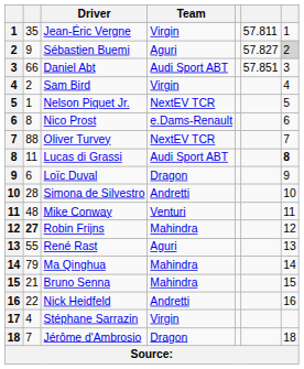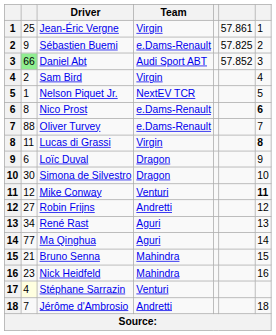 <table class="wikitable sortable" style="font-size: 85%">
 <tr>
 <th scope="col"></th>
 <th scope="col"></th>
 <th scope="col">Driver</th>
 <th scope="col">Team</th>
 <th scope="col"></th>
 <th scope="col"></th>
 <th scope="col"></th>
 </tr>
 <tr>
 <th scope="row">1</th>
-<td>35</td>
+<td>25</td>
 <td data-sort-value="VER"> <a href='#'>Jean-Éric Vergne</a></td>
 <td><a href='#'>Virgin</a></td>
 <td></td>
-<td>57.811</td>
+<td>57.861</td>
 <td>1</td>
 </tr>
 <tr>
 <th scope="row">2</th>
 <td>9</td>
 <td data-sort-value="BUE"> <a href='#'>Sébastien Buemi</a></td>
-<td><a href='#'>Aguri</a></td>
+<td><a href='#'>e.Dams-Renault</a></td>
 <td></td>
-<td>57.827</td>
-<td style="background: lightgrey;">2</td>
+<td>57.825</td>
+<td>2</td>
 </tr>
 <tr>
 <th scope="row">3</th>
-<td>66</td>
+<td style="background: lightgreen;">66</td>
 <td data-sort-value="ABT"> <a href='#'>Daniel Abt</a></td>
 <td><a href='#'>Audi Sport ABT</a></td>
 <td></td>
-<td>57.851</td>
+<td>57.852</td>
 <td>3</td>
 </tr>
 <tr>
 <th scope="row">4</th>
 <td>2</td>
 <td data-sort-value="BIR"> <a href='#'>Sam Bird</a></td>
 <td><a href='#'>Virgin</a></td>
 <td></td>
 <td></td>
 <td>4</td>
 </tr>
 <tr>
 <th scope="row">5</th>
 <td>1</td>
 <td data-sort-value="PIQ"> <a href='#'>Nelson Piquet Jr.</a></td>
 <td><a href='#'>NextEV TCR</a></td>
 <td></td>
 <td></td>
 <td>5</td>
 </tr>
 <tr>
 <th scope="row">6</th>
 <td>8</td>
 <td data-sort-value="PRO"> <a href='#'>Nico Prost</a></td>
 <td><a href='#'>e.Dams-Renault</a></td>
 <td></td>
 <td></td>
-<td>6</td>
+<td><strong>6</strong></td>
 </tr>
 <tr>
 <th scope="row">7</th>
 <td>88</td>
 <td data-sort-value="TUR"> <a href='#'>Oliver Turvey</a></td>
-<td><a href='#'>NextEV TCR</a></td>
+<td><a href='#'>e.Dams-Renault</a></td>
 <td></td>
 <td></td>
 <td>7</td>
 </tr>
 <tr>
 <th scope="row">8</th>
 <td>11</td>
 <td data-sort-value="DIG"> <a href='#'>Lucas di Grassi</a></td>
-<td><a href='#'>Audi Sport ABT</a></td>
+<td><a href='#'>Virgin</a></td>
 <td></td>
 <td></td>
 <td><strong>8</strong></td>
 </tr>
 <tr>
 <th scope="row">9</th>
 <td>6</td>
 <td data-sort-value="DUV"> <a href='#'>Loïc Duval</a></td>
 <td><a href='#'>Dragon</a></td>
 <td></td>
 <td></td>
 <td>9</td>
 </tr>
 <tr>
 <th scope="row">10</th>
-<td>28</td>
+<td>30</td>
 <td data-sort-value="DES"> <a href='#'>Simona de Silvestro</a></td>
-<td><a href='#'>Andretti</a></td>
+<td><a href='#'>Dragon</a></td>
 <td></td>
 <td></td>
 <td>10</td>
 </tr>
 <tr>
 <th scope="row">11</th>
-<td>48</td>
+<td>12</td>
 <td data-sort-value="CON"> <a href='#'>Mike Conway</a></td>
 <td><a href='#'>Venturi</a></td>
 <td></td>
 <td></td>
-<td>11</td>
+<td><strong>11</strong></td>
 </tr>
 <tr>
 <th scope="row">12</th>
-<td><strong>27</strong></td>
+<td>27</td>
 <td data-sort-value="FRI"> <a href='#'>Robin Frijns</a></td>
-<td><a href='#'>Mahindra</a></td>
+<td><a href='#'>Andretti</a></td>
 <td></td>
 <td></td>
 <td>12</td>
 </tr>
 <tr>
 <th scope="row">13</th>
-<td>55</td>
+<td>34</td>
 <td data-sort-value="RAS"> <a href='#'>René Rast</a></td>
 <td><a href='#'>Aguri</a></td>
 <td></td>
 <td></td>
 <td>13</td>
 </tr>
 <tr>
 <th scope="row">14</th>
-<td>79</td>
+<td>77</td>
 <td data-sort-value="MA"> <a href='#'>Ma Qinghua</a></td>
-<td><a href='#'>Mahindra</a></td>
+<td><a href='#'>Aguri</a></td>
 <td></td>
 <td></td>
 <td>14</td>
 </tr>
 <tr>
 <th scope="row">15</th>
 <td>21</td>
 <td data-sort-value="SEN"> <a href='#'>Bruno Senna</a></td>
 <td><a href='#'>Mahindra</a></td>
 <td></td>
 <td></td>
 <td>15</td>
 </tr>
 <tr>
 <th scope="row">16</th>
-<td>22</td>
+<td>23</td>
 <td data-sort-value="HEI"> <a href='#'>Nick Heidfeld</a></td>
-<td><a href='#'>Andretti</a></td>
+<td><a href='#'>Mahindra</a></td>
 <td></td>
 <td></td>
 <td>16</td>
 </tr>
 <tr>
 <th scope="row">17</th>
-<td>4</td>
+<td style="background: lightyellow;">4</td>
 <td data-sort-value="SAR"> <a href='#'>Stéphane Sarrazin</a></td>
-<td><a href='#'>Virgin</a></td>
+<td><a href='#'>Venturi</a></td>
 <td></td>
 <td></td>
 <td data-sort-value="17"></td>
 </tr>
 <tr>
 <th scope="row">18</th>
 <td>7</td>
 <td data-sort-value="DAM"> <a href='#'>Jérôme d'Ambrosio</a></td>
-<td><a href='#'>Dragon</a></td>
+<td><a href='#'>Andretti</a></td>
 <td></td>
 <td></td>
 <td>18</td>
 </tr>
 <tr>
 <th colspan="7">Source:</th>
 </tr>
 </table>
